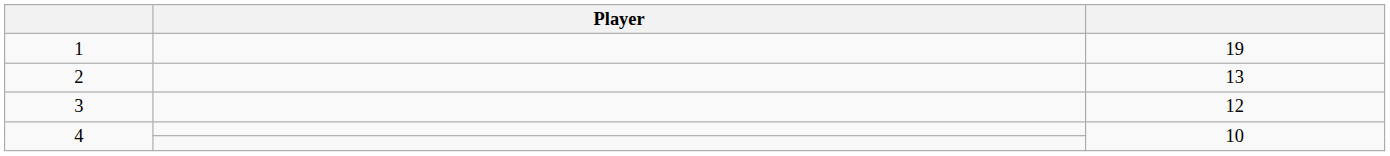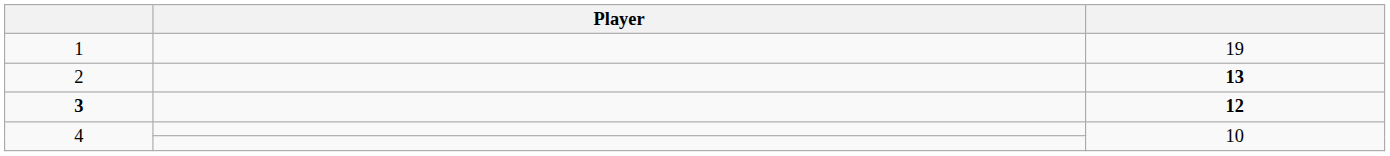 <table class="wikitable sortable plainrowheaders" style="width:95%;">
 <tr>
 <th style="width:2em;"></th>
 <th style="width:15em;">Player</th>
 <th style="width:4.5em;"></th>
 </tr>
 <tr>
 <td align=center>1</td>
 <td align=left> </td>
 <td align=center>19</td>
 </tr>
 <tr>
 <td align=center>2</td>
 <td align=left> </td>
-<td align=center>13</td>
+<td align=center><strong>13</strong></td>
 </tr>
 <tr>
-<td align=center>3</td>
+<td align=center><strong>3</strong></td>
 <td align=left> </td>
-<td align=center>12</td>
+<td align=center><strong>12</strong></td>
 </tr>
 <tr>
 <td align=center rowspan="2">4</td>
 <td align=left> </td>
 <td align=center rowspan="2">10</td>
 </tr>
 <tr>
 <td align=left> </td>
 </tr>
 </table>
